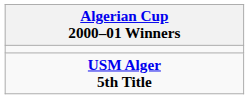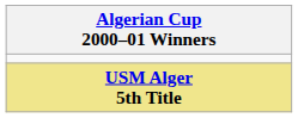 <table class="wikitable" style="text-align: center; margin: 0 auto; width: 20%">
 <tr>
 <th><a href='#'>Algerian Cup</a><br>2000–01 Winners</th>
 </tr>
 <tr>
 <td></td>
 </tr>
 <tr>
-<td><strong><a href='#'>USM Alger</a></strong><br><strong>5th Title</strong></td>
+<td style="background: khaki;"><strong><a href='#'>USM Alger</a></strong><br><strong>5th Title</strong></td>
 </tr>
 </table>
